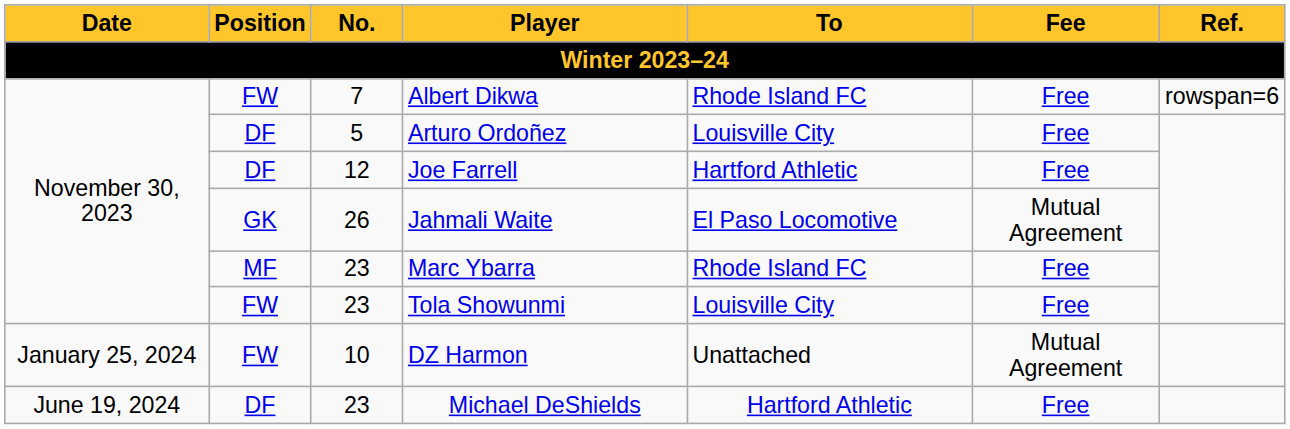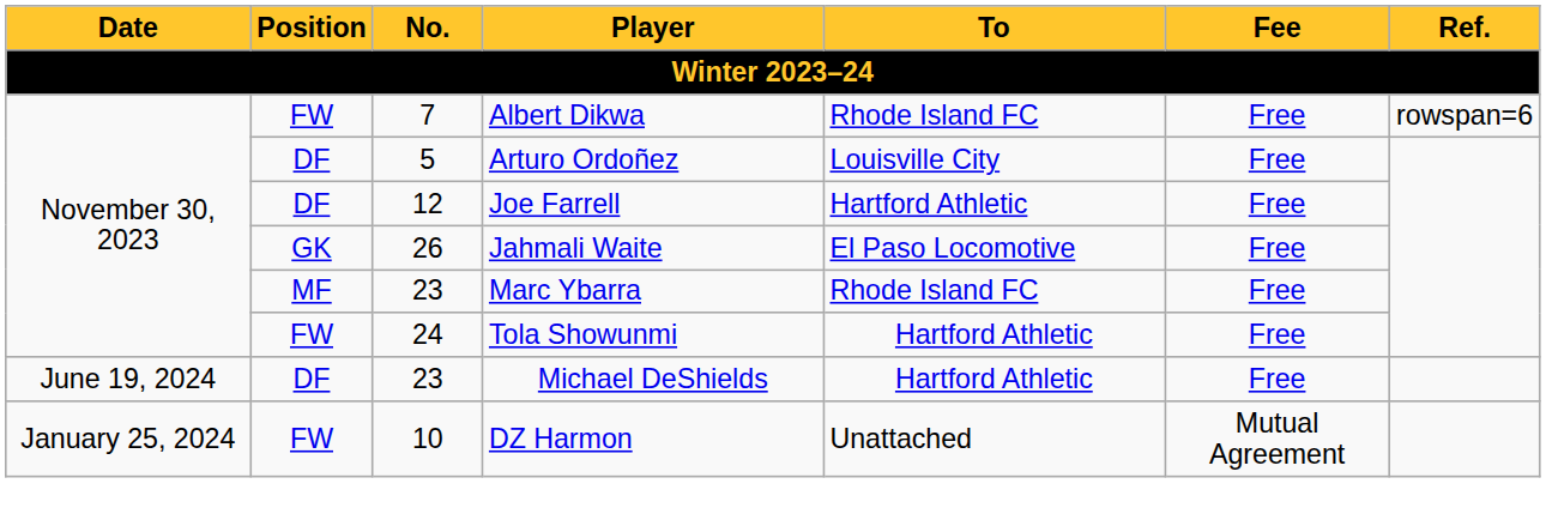 <table class="wikitable nowrap" style="text-align:center; font-size:90%;">
 <tr>
 <th style="background:#FFC62C; color:black; width:120px;">Date</th>
 <th style="background:#FFC62C; color:black; width:50px;">Position</th>
 <th style="background:#FFC62C; color:black; width:50px;">No.</th>
 <th style="background:#FFC62C; color:black; width:170px;">Player</th>
 <th style="background:#FFC62C; color:black; width:170px;">To</th>
 <th style="background:#FFC62C; color:black; width:110px;">Fee</th>
 <th style="background:#FFC62C; color:black; width:25px;">Ref.</th>
 </tr>
 <tr>
 <th colspan="7" style="background:black; color:#FFC62C; width:125px;">Winter 2023–24</th>
 </tr>
 <tr>
 <td rowspan=6>November 30, 2023</td>
 <td><a href='#'>FW</a></td>
 <td>7</td>
 <td style="text-align:left"> <a href='#'>Albert Dikwa</a></td>
 <td style="text-align:left"> <a href='#'>Rhode Island FC</a></td>
 <td><a href='#'>Free</a></td>
 <td>rowspan=6 </td>
 </tr>
 <tr>
 <td><a href='#'>DF</a></td>
 <td>5</td>
 <td style="text-align:left"> <a href='#'>Arturo Ordoñez</a></td>
 <td style="text-align:left"> <a href='#'>Louisville City</a></td>
 <td><a href='#'>Free</a></td>
 </tr>
 <tr>
 <td><a href='#'>DF</a></td>
 <td>12</td>
 <td style="text-align:left"> <a href='#'>Joe Farrell</a></td>
 <td style="text-align:left"> <a href='#'>Hartford Athletic</a></td>
 <td><a href='#'>Free</a></td>
 </tr>
 <tr>
 <td><a href='#'>GK</a></td>
 <td>26</td>
 <td style="text-align:left"> <a href='#'>Jahmali Waite</a></td>
 <td style="text-align:left"> <a href='#'>El Paso Locomotive</a></td>
-<td>Mutual Agreement</td>
+<td><a href='#'>Free</a></td>
 </tr>
 <tr>
 <td><a href='#'>MF</a></td>
 <td>23</td>
 <td style="text-align:left"> <a href='#'>Marc Ybarra</a></td>
 <td style="text-align:left"> <a href='#'>Rhode Island FC</a></td>
 <td><a href='#'>Free</a></td>
 </tr>
 <tr>
 <td><a href='#'>FW</a></td>
+<td>24</td>
+<td style="text-align:left"> <a href='#'>Tola Showunmi</a></td>
+<td> <a href='#'>Hartford Athletic</a></td>
+<td><a href='#'>Free</a></td>
+</tr>
+<tr>
+<td>June 19, 2024</td>
+<td><a href='#'>DF</a></td>
 <td>23</td>
-<td style="text-align:left"> <a href='#'>Tola Showunmi</a></td>
-<td style="text-align:left"> <a href='#'>Louisville City</a></td>
+<td><a href='#'>Michael DeShields</a></td>
+<td> <a href='#'>Hartford Athletic</a></td>
 <td><a href='#'>Free</a></td>
+<td></td>
 </tr>
 <tr>
 <td>January 25, 2024</td>
 <td><a href='#'>FW</a></td>
 <td>10</td>
 <td style="text-align:left"> <a href='#'>DZ Harmon</a></td>
 <td style="text-align:left">Unattached</td>
 <td>Mutual Agreement</td>
 <td></td>
 </tr>
-<tr>
-<td>June 19, 2024</td>
-<td><a href='#'>DF</a></td>
-<td>23</td>
-<td><a href='#'>Michael DeShields</a></td>
-<td> <a href='#'>Hartford Athletic</a></td>
-<td><a href='#'>Free</a></td>
-<td></td>
-</tr>
 </table>
